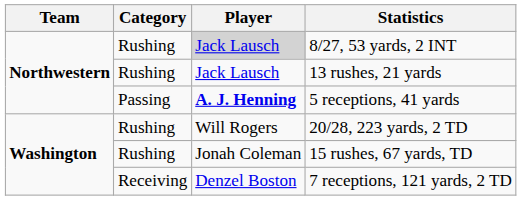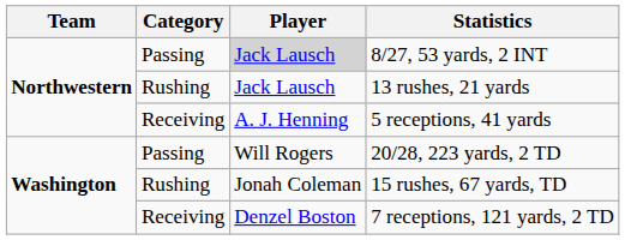 <table class="wikitable" style="float: right;">
 <tr>
 <th>Team</th>
 <th>Category</th>
 <th>Player</th>
 <th>Statistics</th>
 </tr>
 <tr>
 <td rowspan=3><strong>Northwestern</strong></td>
-<td>Rushing</td>
+<td>Passing</td>
 <td style="background: lightgrey;"><a href='#'>Jack Lausch</a></td>
 <td>8/27, 53 yards, 2 INT</td>
 </tr>
 <tr>
 <td>Rushing</td>
 <td><a href='#'>Jack Lausch</a></td>
 <td>13 rushes, 21 yards</td>
 </tr>
 <tr>
-<td>Passing</td>
-<td><strong><a href='#'>A. J. Henning</a></strong></td>
+<td>Receiving</td>
+<td><a href='#'>A. J. Henning</a></td>
 <td>5 receptions, 41 yards</td>
 </tr>
 <tr>
 <td rowspan=3><strong>Washington</strong></td>
-<td>Rushing</td>
+<td>Passing</td>
 <td>Will Rogers</td>
 <td>20/28, 223 yards, 2 TD</td>
 </tr>
 <tr>
 <td>Rushing</td>
 <td>Jonah Coleman</td>
 <td>15 rushes, 67 yards, TD</td>
 </tr>
 <tr>
 <td>Receiving</td>
 <td><a href='#'>Denzel Boston</a></td>
 <td>7 receptions, 121 yards, 2 TD</td>
 </tr>
 </table>
